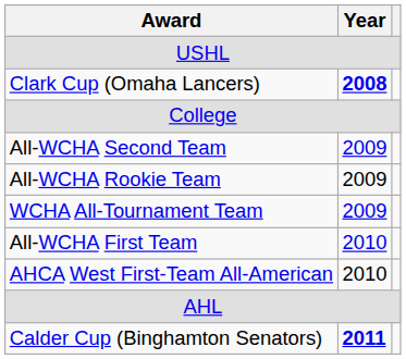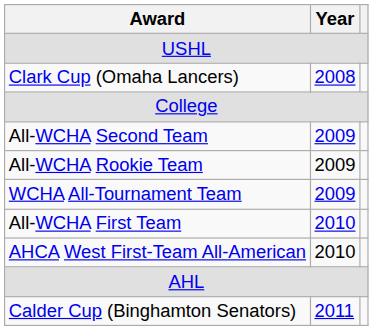 <table class="wikitable">
 <tr>
 <th>Award</th>
 <th>Year</th>
 <th></th>
 </tr>
 <tr ALIGN="center" bgcolor="#e0e0e0">
 <td colspan="3"><a href='#'>USHL</a></td>
 </tr>
 <tr>
 <td><a href='#'>Clark Cup</a> (Omaha Lancers)</td>
-<td><strong><a href='#'>2008</a></strong></td>
+<td><a href='#'>2008</a></td>
 <td></td>
 </tr>
 <tr ALIGN="center" bgcolor="#e0e0e0">
 <td colspan="3"><a href='#'>College</a></td>
 </tr>
 <tr>
 <td>All-<a href='#'>WCHA</a> <a href='#'>Second Team</a></td>
 <td><a href='#'>2009</a></td>
 <td></td>
 </tr>
 <tr>
 <td>All-<a href='#'>WCHA</a> <a href='#'>Rookie Team</a></td>
 <td>2009</td>
 <td></td>
 </tr>
 <tr>
 <td><a href='#'>WCHA</a> <a href='#'>All-Tournament Team</a></td>
 <td><a href='#'>2009</a></td>
 <td></td>
 </tr>
 <tr>
 <td>All-<a href='#'>WCHA</a> <a href='#'>First Team</a></td>
 <td><a href='#'>2010</a></td>
 <td></td>
 </tr>
 <tr>
 <td><a href='#'>AHCA</a> <a href='#'>West First-Team All-American</a></td>
 <td>2010</td>
 <td></td>
 </tr>
 <tr ALIGN="center" bgcolor="#e0e0e0">
 <td colspan="3"><a href='#'>AHL</a></td>
 </tr>
 <tr>
 <td><a href='#'>Calder Cup</a> (Binghamton Senators)</td>
-<td><strong><a href='#'>2011</a></strong></td>
+<td><a href='#'>2011</a></td>
 <td></td>
 </tr>
 </table>
